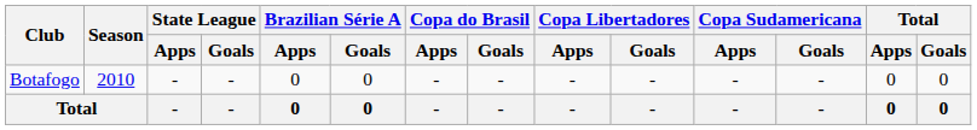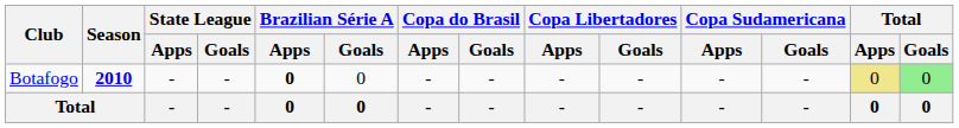 <table class="wikitable" style="text-align: center;">
 <tr>
 <th rowspan="2">Club</th>
 <th rowspan="2">Season</th>
 <th colspan="2">State League</th>
 <th colspan="2"><a href='#'>Brazilian Série A</a></th>
 <th colspan="2"><a href='#'>Copa do Brasil</a></th>
 <th colspan="2"><a href='#'>Copa Libertadores</a></th>
 <th colspan="2"><a href='#'>Copa Sudamericana</a></th>
 <th colspan="2">Total</th>
 </tr>
 <tr>
 <th>Apps</th>
 <th>Goals</th>
 <th>Apps</th>
 <th>Goals</th>
 <th>Apps</th>
 <th>Goals</th>
 <th>Apps</th>
 <th>Goals</th>
 <th>Apps</th>
 <th>Goals</th>
 <th>Apps</th>
 <th>Goals</th>
 </tr>
 <tr>
 <td rowspan="1" valign="center"><a href='#'>Botafogo</a></td>
-<td><a href='#'>2010</a></td>
+<td><strong><a href='#'>2010</a></strong></td>
 <td>-</td>
 <td>-</td>
-<td>0</td>
+<td><strong>0</strong></td>
 <td>0</td>
 <td>-</td>
 <td>-</td>
 <td>-</td>
 <td>-</td>
 <td>-</td>
 <td>-</td>
-<td>0</td>
-<td>0</td>
+<td style="background: khaki;">0</td>
+<td style="background: lightgreen;">0</td>
 </tr>
 <tr>
 <th colspan="2"><strong>Total</strong></th>
 <th>-</th>
 <th>-</th>
 <th>0</th>
 <th>0</th>
 <th>-</th>
 <th>-</th>
 <th>-</th>
 <th>-</th>
 <th>-</th>
 <th>-</th>
 <th>0</th>
 <th>0</th>
 </tr>
 </table>
